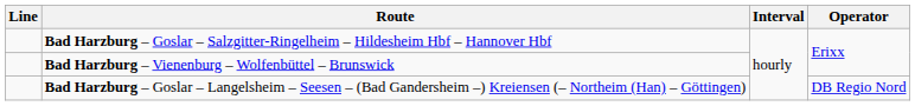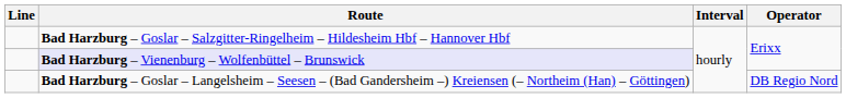 <table class="wikitable">
 <tr>
 <th>Line</th>
 <th>Route</th>
 <th>Interval</th>
 <th>Operator</th>
 </tr>
 <tr>
 <td align="center"></td>
 <td><strong>Bad Harzburg</strong> – <a href='#'>Goslar</a> – <a href='#'>Salzgitter-Ringelheim</a> – <a href='#'>Hildesheim Hbf</a> – <a href='#'>Hannover Hbf</a></td>
 <td rowspan=3>hourly</td>
 <td rowspan=2><a href='#'>Erixx</a></td>
 </tr>
 <tr>
 <td align="center"></td>
-<td><strong>Bad Harzburg</strong> – <a href='#'>Vienenburg</a> – <a href='#'>Wolfenbüttel</a> –  <a href='#'>Brunswick</a></td>
+<td style="background: lavender;"><strong>Bad Harzburg</strong> – <a href='#'>Vienenburg</a> – <a href='#'>Wolfenbüttel</a> –  <a href='#'>Brunswick</a></td>
 </tr>
 <tr>
 <td align="center"></td>
 <td><strong>Bad Harzburg</strong> – Goslar – Langelsheim – <a href='#'>Seesen</a> – (Bad Gandersheim –) <a href='#'>Kreiensen</a> (– <a href='#'>Northeim (Han)</a> – <a href='#'>Göttingen</a>)</td>
 <td><a href='#'>DB Regio Nord</a></td>
 </tr>
 </table>
